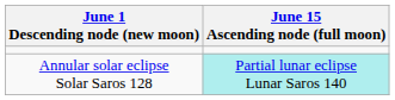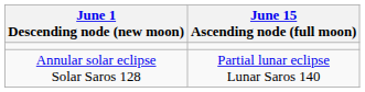 <table class="wikitable">
 <tr>
 <th><a href='#'>June 1</a><br>Descending node (new moon)<br></th>
 <th><a href='#'>June 15</a><br>Ascending node (full moon)<br></th>
 </tr>
 <tr>
 <td></td>
 <td></td>
 </tr>
 <tr align=center>
 <td><a href='#'>Annular solar eclipse</a><br>Solar Saros 128</td>
-<td style="background: paleturquoise;"><a href='#'>Partial lunar eclipse</a><br>Lunar Saros 140</td>
+<td><a href='#'>Partial lunar eclipse</a><br>Lunar Saros 140</td>
 </tr>
 </table>
